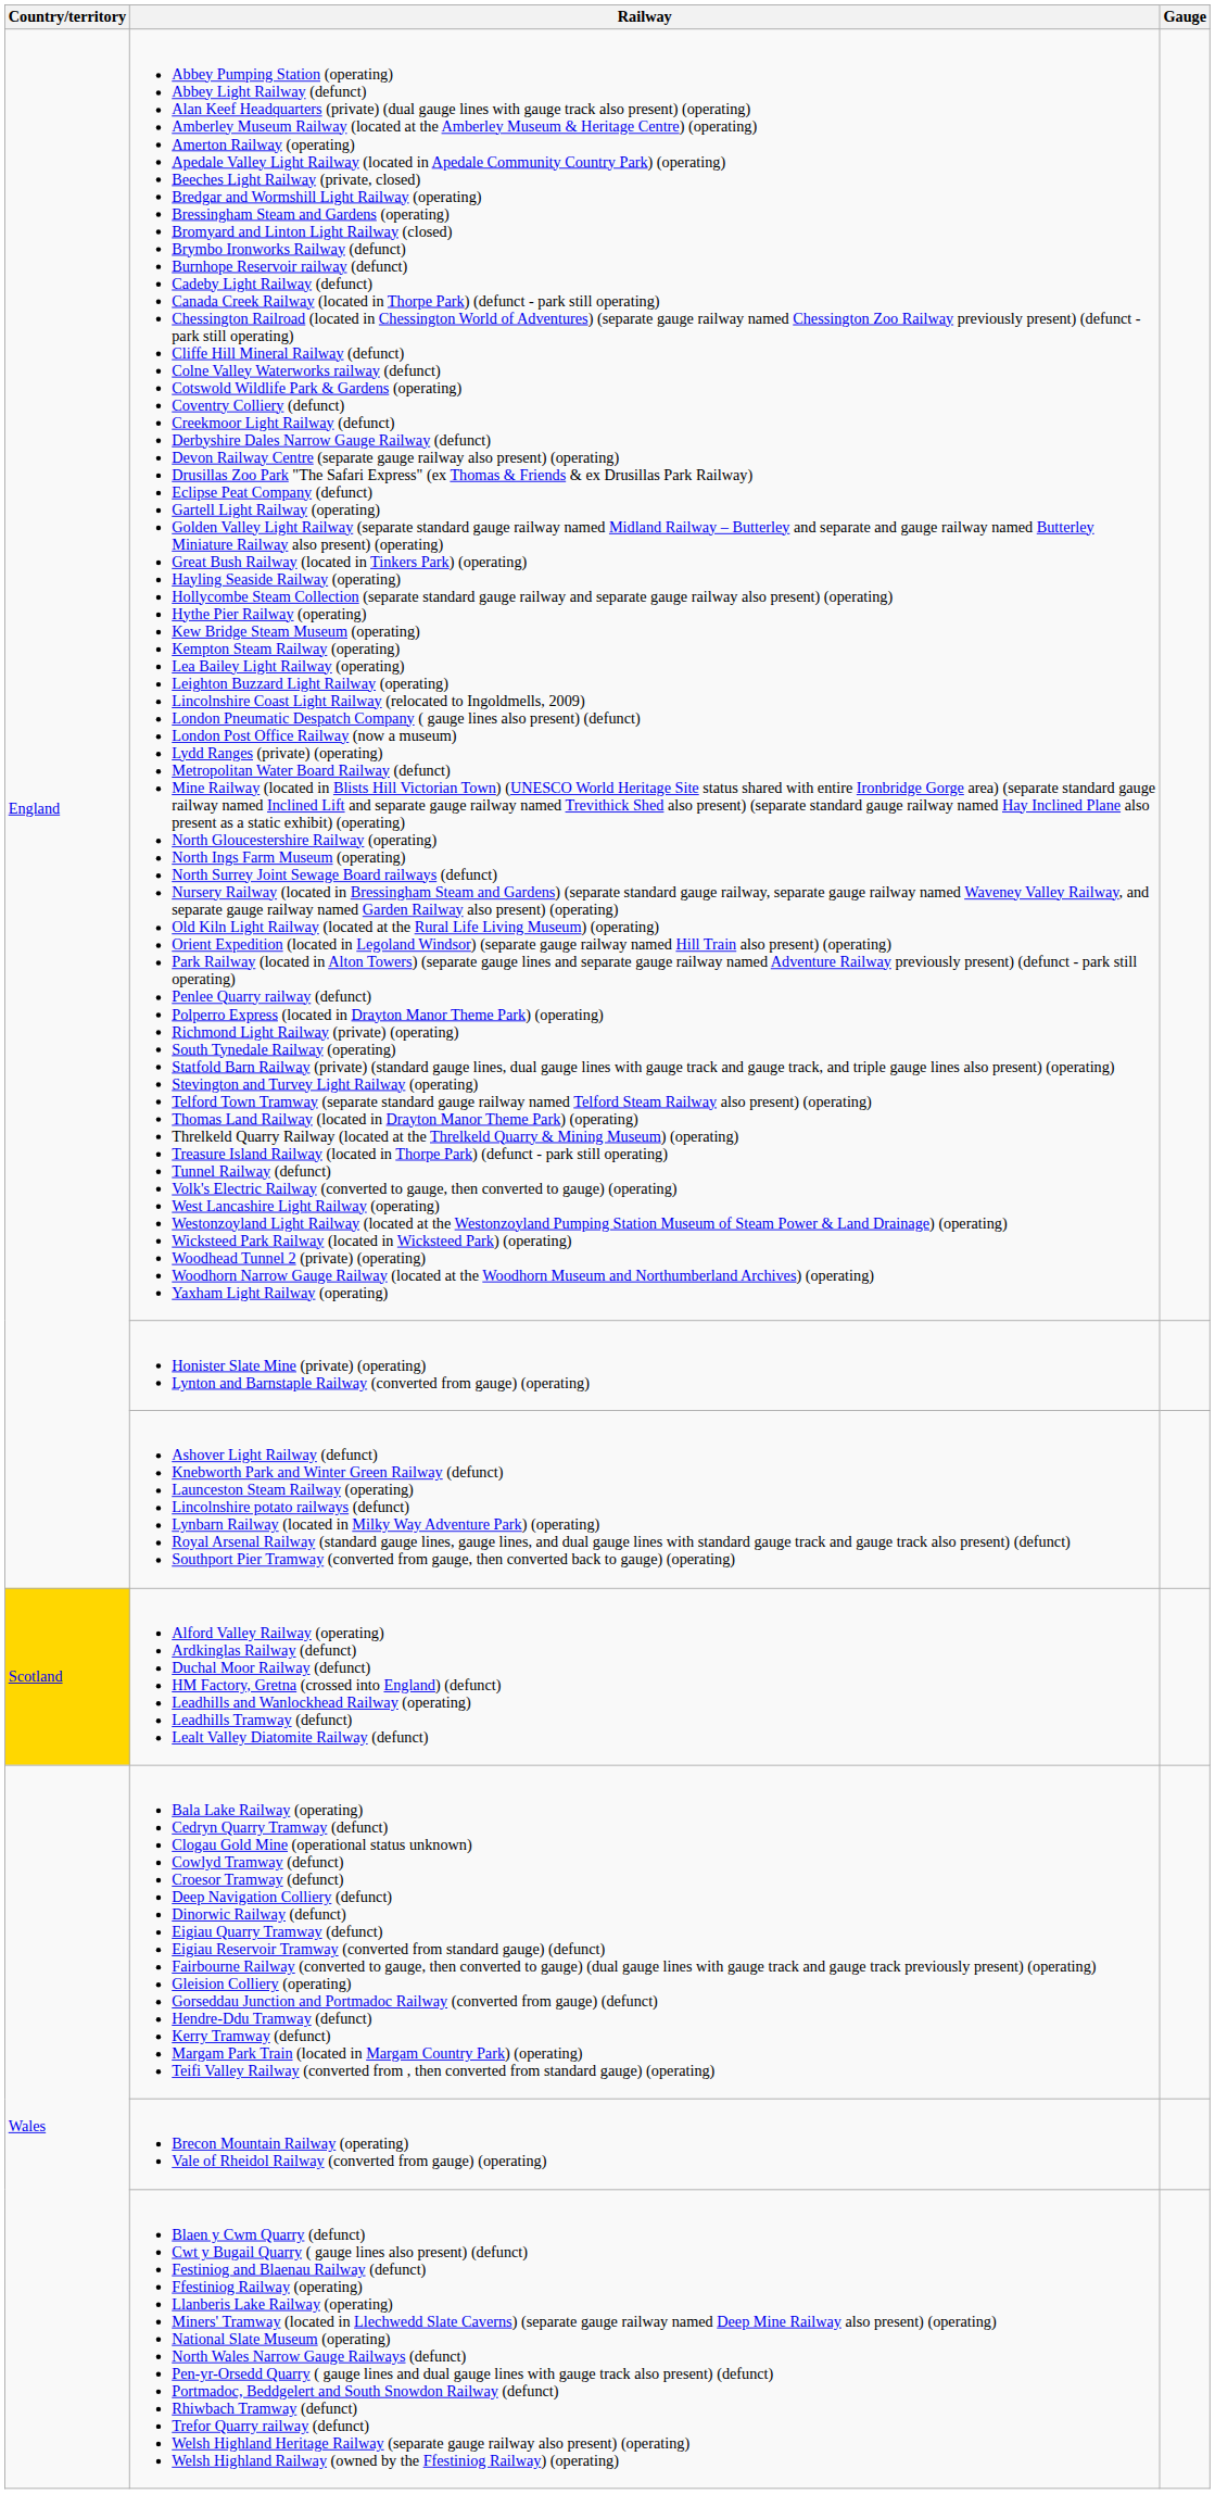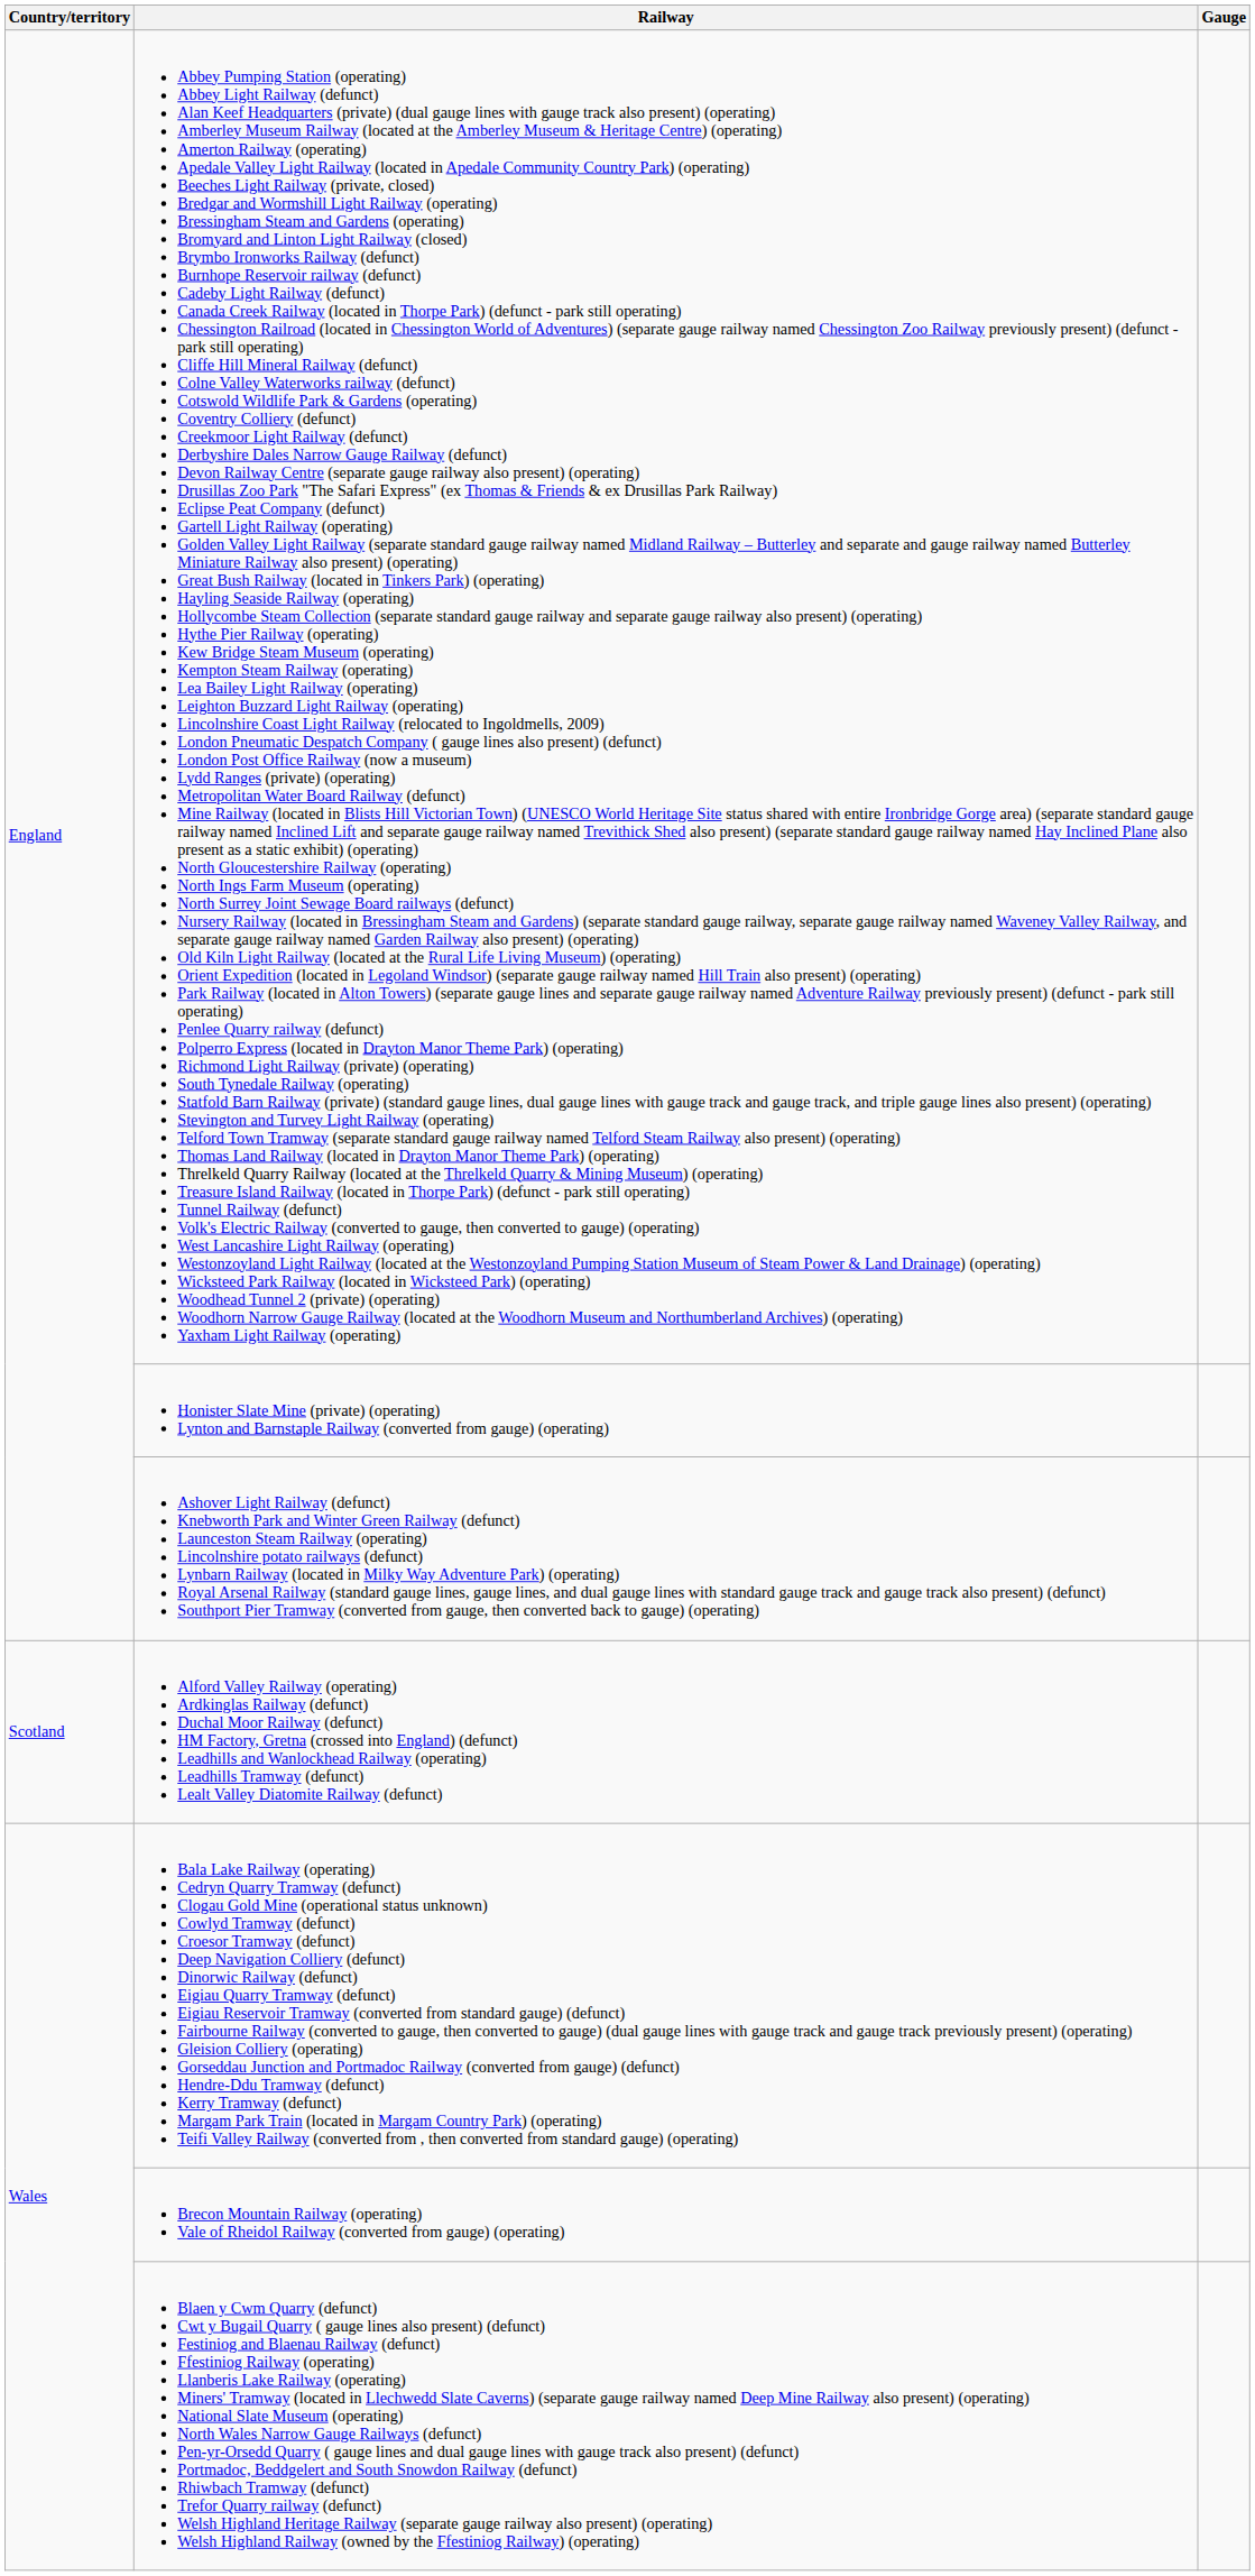 <table class=wikitable>
 <tr>
 <th>Country/territory</th>
 <th>Railway</th>
 <th>Gauge</th>
 </tr>
 <tr>
 <td rowspan="3"><a href='#'>England</a></td>
 <td><br><ul><li><a href='#'>Abbey Pumping Station</a> (operating)</li><li><a href='#'>Abbey Light Railway</a> (defunct)</li><li><a href='#'>Alan Keef Headquarters</a> (private) (dual gauge lines with  gauge track also present) (operating)</li><li><a href='#'>Amberley Museum Railway</a> (located at the <a href='#'>Amberley Museum & Heritage Centre</a>) (operating)</li><li><a href='#'>Amerton Railway</a> (operating)</li><li><a href='#'>Apedale Valley Light Railway</a> (located in <a href='#'>Apedale Community Country Park</a>) (operating)</li><li><a href='#'>Beeches Light Railway</a> (private, closed)</li><li><a href='#'>Bredgar and Wormshill Light Railway</a> (operating)</li><li><a href='#'>Bressingham Steam and Gardens</a> (operating)</li><li><a href='#'>Bromyard and Linton Light Railway</a> (closed)</li><li><a href='#'>Brymbo Ironworks Railway</a> (defunct)</li><li><a href='#'>Burnhope Reservoir railway</a> (defunct)</li><li><a href='#'>Cadeby Light Railway</a> (defunct)</li><li><a href='#'>Canada Creek Railway</a> (located in <a href='#'>Thorpe Park</a>) (defunct - park still operating)</li><li><a href='#'>Chessington Railroad</a> (located in <a href='#'>Chessington World of Adventures</a>) (separate  gauge railway named <a href='#'>Chessington Zoo Railway</a> previously present) (defunct - park still operating)</li><li><a href='#'>Cliffe Hill Mineral Railway</a> (defunct)</li><li><a href='#'>Colne Valley Waterworks railway</a> (defunct)</li><li><a href='#'>Cotswold Wildlife Park & Gardens</a> (operating)</li><li><a href='#'>Coventry Colliery</a> (defunct)</li><li><a href='#'>Creekmoor Light Railway</a> (defunct)</li><li><a href='#'>Derbyshire Dales Narrow Gauge Railway</a> (defunct)</li><li><a href='#'>Devon Railway Centre</a> (separate  gauge railway also present) (operating)</li><li><a href='#'>Drusillas Zoo Park</a> "The Safari Express" (ex <a href='#'>Thomas & Friends</a> & ex Drusillas Park Railway)</li><li><a href='#'>Eclipse Peat Company</a> (defunct)</li><li><a href='#'>Gartell Light Railway</a> (operating)</li><li><a href='#'>Golden Valley Light Railway</a> (separate standard gauge railway named <a href='#'>Midland Railway – Butterley</a> and separate  and  gauge railway named <a href='#'>Butterley Miniature Railway</a> also present) (operating)</li><li><a href='#'>Great Bush Railway</a> (located in <a href='#'>Tinkers Park</a>) (operating)</li><li><a href='#'>Hayling Seaside Railway</a> (operating)</li><li><a href='#'>Hollycombe Steam Collection</a> (separate standard gauge railway and separate  gauge railway also present) (operating)</li><li><a href='#'>Hythe Pier Railway</a> (operating)</li><li><a href='#'>Kew Bridge Steam Museum</a> (operating)</li><li><a href='#'>Kempton Steam Railway</a> (operating)</li><li><a href='#'>Lea Bailey Light Railway</a> (operating)</li><li><a href='#'>Leighton Buzzard Light Railway</a> (operating)</li><li><a href='#'>Lincolnshire Coast Light Railway</a> (relocated to Ingoldmells, 2009)</li><li><a href='#'>London Pneumatic Despatch Company</a> ( gauge lines also present) (defunct)</li><li><a href='#'>London Post Office Railway</a> (now a museum)</li><li><a href='#'>Lydd Ranges</a> (private) (operating)</li><li><a href='#'>Metropolitan Water Board Railway</a> (defunct)</li><li><a href='#'>Mine Railway</a> (located in <a href='#'>Blists Hill Victorian Town</a>) (<a href='#'>UNESCO World Heritage Site</a> status shared with entire <a href='#'>Ironbridge Gorge</a> area) (separate standard gauge railway named <a href='#'>Inclined Lift</a> and separate  gauge railway named <a href='#'>Trevithick Shed</a> also present) (separate standard gauge railway named <a href='#'>Hay Inclined Plane</a> also present as a static exhibit) (operating)</li><li><a href='#'>North Gloucestershire Railway</a> (operating)</li><li><a href='#'>North Ings Farm Museum</a> (operating)</li><li><a href='#'>North Surrey Joint Sewage Board railways</a> (defunct)</li><li><a href='#'>Nursery Railway</a> (located in <a href='#'>Bressingham Steam and Gardens</a>) (separate standard gauge railway, separate  gauge railway named <a href='#'>Waveney Valley Railway</a>, and separate  gauge railway named <a href='#'>Garden Railway</a> also present) (operating)</li><li><a href='#'>Old Kiln Light Railway</a> (located at the <a href='#'>Rural Life Living Museum</a>) (operating)</li><li><a href='#'>Orient Expedition</a> (located in <a href='#'>Legoland Windsor</a>) (separate  gauge railway named <a href='#'>Hill Train</a> also present) (operating)</li><li><a href='#'>Park Railway</a> (located in <a href='#'>Alton Towers</a>) (separate  gauge lines and separate  gauge railway named <a href='#'>Adventure Railway</a> previously present) (defunct - park still operating)</li><li><a href='#'>Penlee Quarry railway</a> (defunct)</li><li><a href='#'>Polperro Express</a> (located in <a href='#'>Drayton Manor Theme Park</a>) (operating)</li><li><a href='#'>Richmond Light Railway</a> (private) (operating)</li><li><a href='#'>South Tynedale Railway</a> (operating)</li><li><a href='#'>Statfold Barn Railway</a> (private) (standard gauge lines, dual gauge lines with  gauge track and  gauge track, and triple gauge lines also present) (operating)</li><li><a href='#'>Stevington and Turvey Light Railway</a> (operating)</li><li><a href='#'>Telford Town Tramway</a> (separate standard gauge railway named <a href='#'>Telford Steam Railway</a> also present) (operating)</li><li><a href='#'>Thomas Land Railway</a> (located in <a href='#'>Drayton Manor Theme Park</a>) (operating)</li><li>Threlkeld Quarry Railway  (located at the <a href='#'>Threlkeld Quarry & Mining Museum</a>) (operating)</li><li><a href='#'>Treasure Island Railway</a> (located in <a href='#'>Thorpe Park</a>) (defunct - park still operating)</li><li><a href='#'>Tunnel Railway</a> (defunct)</li><li><a href='#'>Volk's Electric Railway</a> (converted to  gauge, then converted to  gauge) (operating)</li><li><a href='#'>West Lancashire Light Railway</a> (operating)</li><li><a href='#'>Westonzoyland Light Railway</a> (located at the <a href='#'>Westonzoyland Pumping Station Museum of Steam Power & Land Drainage</a>) (operating)</li><li><a href='#'>Wicksteed Park Railway</a> (located in <a href='#'>Wicksteed Park</a>) (operating)</li><li><a href='#'>Woodhead Tunnel 2</a> (private) (operating)</li><li><a href='#'>Woodhorn Narrow Gauge Railway</a> (located at the <a href='#'>Woodhorn Museum and Northumberland Archives</a>) (operating)</li><li><a href='#'>Yaxham Light Railway</a> (operating)</li></ul></td>
 <td></td>
 </tr>
 <tr>
 <td><br><ul><li><a href='#'>Honister Slate Mine</a> (private) (operating)</li><li><a href='#'>Lynton and Barnstaple Railway</a> (converted from  gauge) (operating)</li></ul></td>
 <td></td>
 </tr>
 <tr>
 <td><br><ul><li><a href='#'>Ashover Light Railway</a> (defunct)</li><li><a href='#'>Knebworth Park and Winter Green Railway</a> (defunct)</li><li><a href='#'>Launceston Steam Railway</a> (operating)</li><li><a href='#'>Lincolnshire potato railways</a> (defunct)</li><li><a href='#'>Lynbarn Railway</a> (located in <a href='#'>Milky Way Adventure Park</a>) (operating)</li><li><a href='#'>Royal Arsenal Railway</a> (standard gauge lines,  gauge lines, and dual gauge lines with standard gauge track and  gauge track also present) (defunct)</li><li><a href='#'>Southport Pier Tramway</a> (converted from  gauge, then converted back to  gauge) (operating)</li></ul></td>
 <td></td>
 </tr>
 <tr>
-<td style="background: gold;"><a href='#'>Scotland</a></td>
+<td><a href='#'>Scotland</a></td>
 <td><br><ul><li><a href='#'>Alford Valley Railway</a> (operating)</li><li><a href='#'>Ardkinglas Railway</a> (defunct)</li><li><a href='#'>Duchal Moor Railway</a> (defunct)</li><li><a href='#'>HM Factory, Gretna</a> (crossed into <a href='#'>England</a>) (defunct)</li><li><a href='#'>Leadhills and Wanlockhead Railway</a> (operating)</li><li><a href='#'>Leadhills Tramway</a> (defunct)</li><li><a href='#'>Lealt Valley Diatomite Railway</a> (defunct)</li></ul></td>
 <td></td>
 </tr>
 <tr>
 <td rowspan="3"><a href='#'>Wales</a></td>
 <td><br><ul><li><a href='#'>Bala Lake Railway</a> (operating)</li><li><a href='#'>Cedryn Quarry Tramway</a> (defunct)</li><li><a href='#'>Clogau Gold Mine</a> (operational status unknown)</li><li><a href='#'>Cowlyd Tramway</a> (defunct)</li><li><a href='#'>Croesor Tramway</a> (defunct)</li><li><a href='#'>Deep Navigation Colliery</a> (defunct)</li><li><a href='#'>Dinorwic Railway</a> (defunct)</li><li><a href='#'>Eigiau Quarry Tramway</a> (defunct)</li><li><a href='#'>Eigiau Reservoir Tramway</a> (converted from standard gauge) (defunct)</li><li><a href='#'>Fairbourne Railway</a> (converted to  gauge, then converted to  gauge) (dual gauge lines with  gauge track and  gauge track previously present) (operating)</li><li><a href='#'>Gleision Colliery</a> (operating)</li><li><a href='#'>Gorseddau Junction and Portmadoc Railway</a> (converted from  gauge) (defunct)</li><li><a href='#'>Hendre-Ddu Tramway</a> (defunct)</li><li><a href='#'>Kerry Tramway</a> (defunct)</li><li><a href='#'>Margam Park Train</a> (located in <a href='#'>Margam Country Park</a>) (operating)</li><li><a href='#'>Teifi Valley Railway</a> (converted from , then converted from standard gauge) (operating)</li></ul></td>
 <td></td>
 </tr>
 <tr>
 <td><br><ul><li><a href='#'>Brecon Mountain Railway</a> (operating)</li><li><a href='#'>Vale of Rheidol Railway</a> (converted from  gauge) (operating)</li></ul></td>
 <td></td>
 </tr>
 <tr>
 <td><br><ul><li><a href='#'>Blaen y Cwm Quarry</a> (defunct)</li><li><a href='#'>Cwt y Bugail Quarry</a> ( gauge lines also present) (defunct)</li><li><a href='#'>Festiniog and Blaenau Railway</a> (defunct)</li><li><a href='#'>Ffestiniog Railway</a> (operating)</li><li><a href='#'>Llanberis Lake Railway</a> (operating)</li><li><a href='#'>Miners' Tramway</a> (located in <a href='#'>Llechwedd Slate Caverns</a>) (separate  gauge railway named <a href='#'>Deep Mine Railway</a> also present) (operating)</li><li><a href='#'>National Slate Museum</a> (operating)</li><li><a href='#'>North Wales Narrow Gauge Railways</a> (defunct)</li><li><a href='#'>Pen-yr-Orsedd Quarry</a> ( gauge lines and dual gauge lines with  gauge track also present) (defunct)</li><li><a href='#'>Portmadoc, Beddgelert and South Snowdon Railway</a> (defunct)</li><li><a href='#'>Rhiwbach Tramway</a> (defunct)</li><li><a href='#'>Trefor Quarry railway</a> (defunct)</li><li><a href='#'>Welsh Highland Heritage Railway</a> (separate  gauge railway also present) (operating)</li><li><a href='#'>Welsh Highland Railway</a> (owned by the <a href='#'>Ffestiniog Railway</a>) (operating)</li></ul></td>
 <td></td>
 </tr>
 </table>
